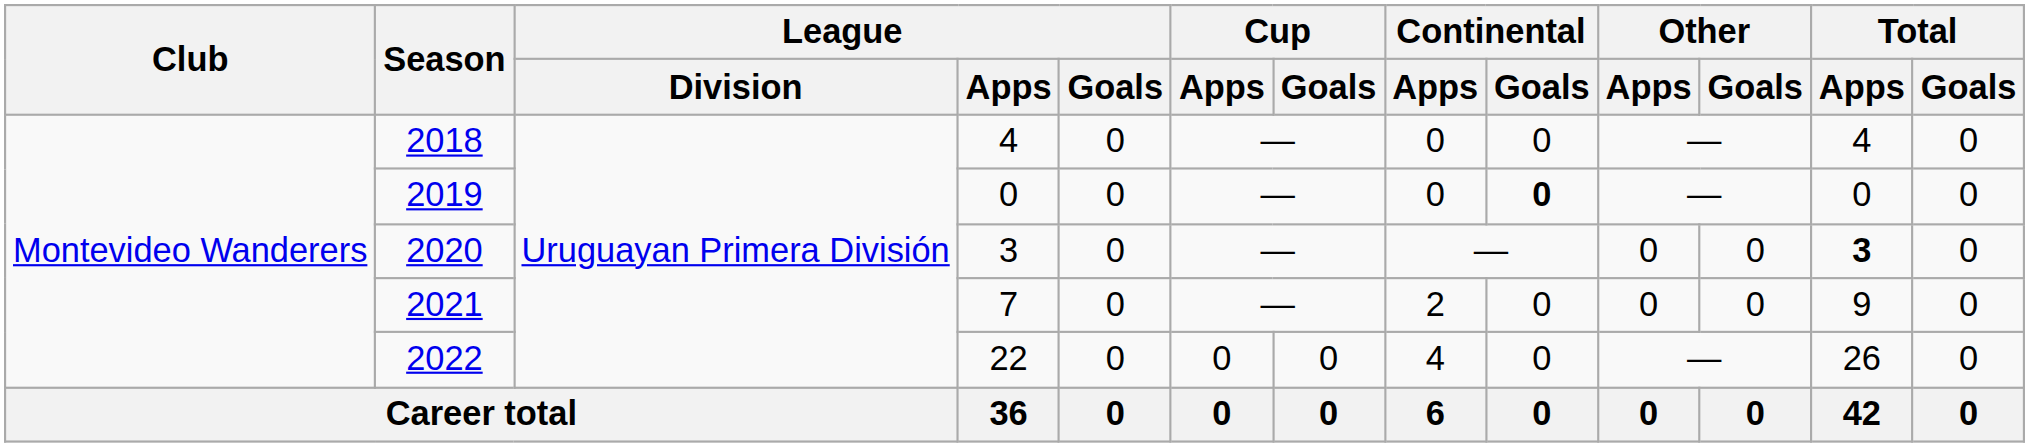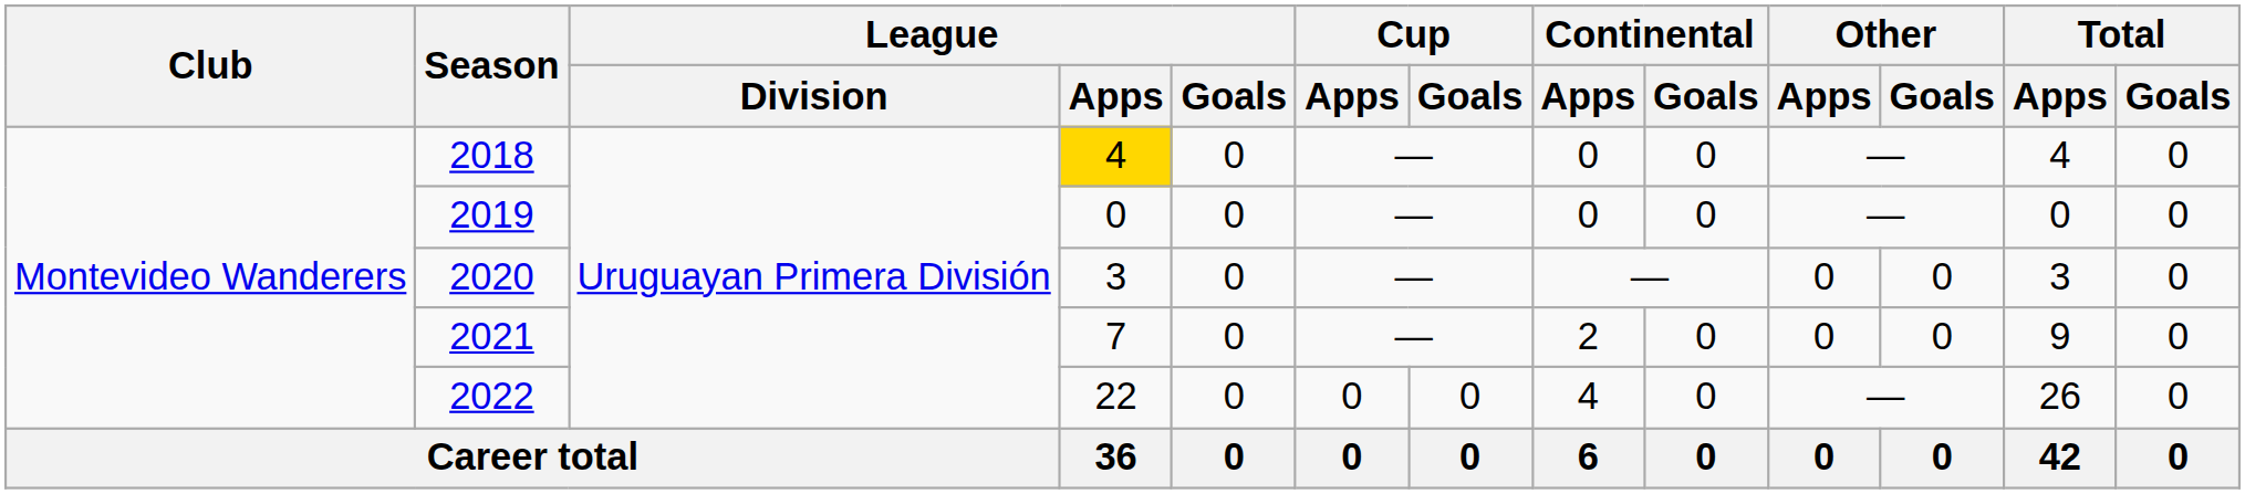 <table class="wikitable" style="text-align: center">
 <tr>
 <th rowspan="2">Club</th>
 <th rowspan="2">Season</th>
 <th colspan="3">League</th>
 <th colspan="2">Cup</th>
 <th colspan="2">Continental</th>
 <th colspan="2">Other</th>
 <th colspan="2">Total</th>
 </tr>
 <tr>
 <th>Division</th>
 <th>Apps</th>
 <th>Goals</th>
 <th>Apps</th>
 <th>Goals</th>
 <th>Apps</th>
 <th>Goals</th>
 <th>Apps</th>
 <th>Goals</th>
 <th>Apps</th>
 <th>Goals</th>
 </tr>
 <tr>
 <td rowspan="5"><a href='#'>Montevideo Wanderers</a></td>
 <td><a href='#'>2018</a></td>
 <td rowspan="5"><a href='#'>Uruguayan Primera División</a></td>
-<td>4</td>
+<td style="background: gold;">4</td>
 <td>0</td>
 <td colspan="2">—</td>
 <td>0</td>
 <td>0</td>
 <td colspan="2">—</td>
 <td>4</td>
 <td>0</td>
 </tr>
 <tr>
 <td><a href='#'>2019</a></td>
 <td>0</td>
 <td>0</td>
 <td colspan="2">—</td>
 <td>0</td>
-<td><strong>0</strong></td>
+<td>0</td>
 <td colspan="2">—</td>
 <td>0</td>
 <td>0</td>
 </tr>
 <tr>
 <td><a href='#'>2020</a></td>
 <td>3</td>
 <td>0</td>
 <td colspan="2">—</td>
 <td colspan="2">—</td>
 <td>0</td>
 <td>0</td>
-<td><strong>3</strong></td>
+<td>3</td>
 <td>0</td>
 </tr>
 <tr>
 <td><a href='#'>2021</a></td>
 <td>7</td>
 <td>0</td>
 <td colspan="2">—</td>
 <td>2</td>
 <td>0</td>
 <td>0</td>
 <td>0</td>
 <td>9</td>
 <td>0</td>
 </tr>
 <tr>
 <td><a href='#'>2022</a></td>
 <td>22</td>
 <td>0</td>
 <td>0</td>
 <td>0</td>
 <td>4</td>
 <td>0</td>
 <td colspan="2">—</td>
 <td>26</td>
 <td>0</td>
 </tr>
 <tr>
 <th colspan="3">Career total</th>
 <th>36</th>
 <th>0</th>
 <th>0</th>
 <th>0</th>
 <th>6</th>
 <th>0</th>
 <th>0</th>
 <th>0</th>
 <th>42</th>
 <th>0</th>
 </tr>
 </table>
